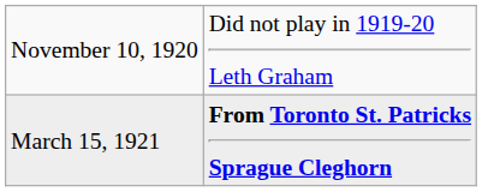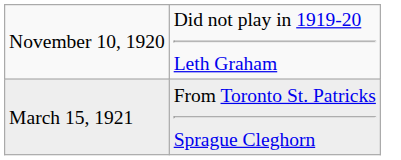 <table class="wikitable">
 <tr>
 <td>November 10, 1920</td>
 <td valign="top">Did not play in <a href='#'>1919-20</a><hr><a href='#'>Leth Graham</a></td>
 </tr>
 <tr style="background:#eee;">
 <td>March 15, 1921</td>
-<td valign="top"><strong>From <a href='#'>Toronto St. Patricks</a><hr><a href='#'>Sprague Cleghorn</a></strong></td>
+<td valign="top">From <a href='#'>Toronto St. Patricks</a><hr><a href='#'>Sprague Cleghorn</a></td>
 </tr>
 </table>
